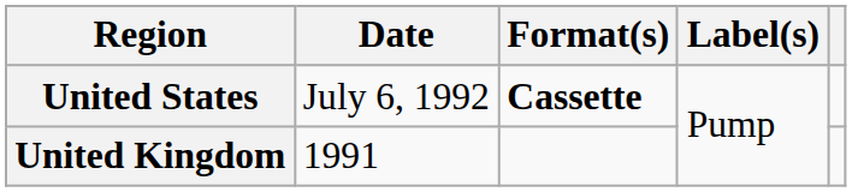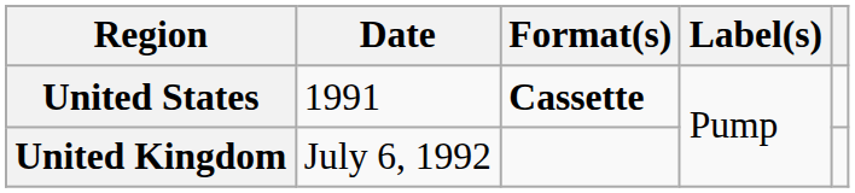 <table class="wikitable plainrowheaders">
 <tr>
 <th scope="col">Region</th>
 <th scope="col">Date</th>
 <th scope="col">Format(s)</th>
 <th scope="col">Label(s)</th>
 <th scope="col"></th>
 </tr>
 <tr>
 <th scope="row">United States</th>
-<td>July 6, 1992</td>
+<td>1991</td>
 <td><strong>Cassette</strong></td>
 <td rowspan="2">Pump</td>
 <td></td>
 </tr>
 <tr>
 <th scope="row">United Kingdom</th>
-<td>1991</td>
+<td>July 6, 1992</td>
 <td></td>
 <td></td>
 </tr>
 </table>
